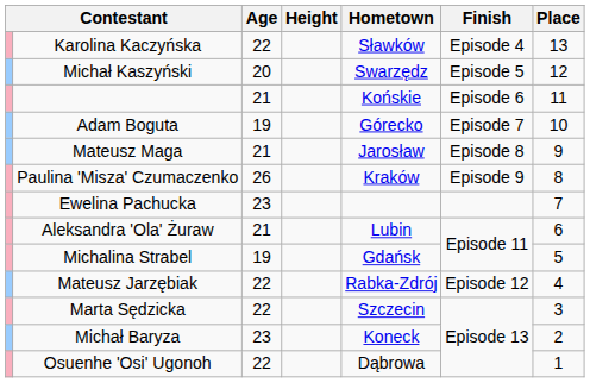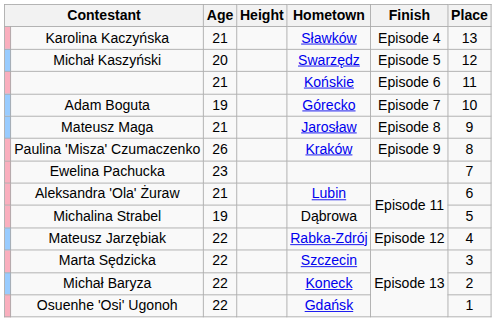 <table class="wikitable sortable" style="text-align:center;">
 <tr>
 <th colspan="2">Contestant</th>
 <th>Age</th>
 <th>Height</th>
 <th>Hometown</th>
 <th>Finish</th>
 <th>Place</th>
 </tr>
 <tr>
 <td style="background:#faafbe"></td>
 <td>Karolina Kaczyńska</td>
-<td>22</td>
+<td>21</td>
 <td></td>
 <td><a href='#'>Sławków</a></td>
 <td>Episode 4</td>
 <td>13</td>
 </tr>
 <tr>
 <td style="background:#9cf;"></td>
 <td>Michał Kaszyński</td>
 <td>20</td>
 <td></td>
 <td><a href='#'>Swarzędz</a></td>
 <td>Episode 5</td>
 <td>12</td>
 </tr>
 <tr>
 <td style="background:#faafbe"></td>
 <td></td>
 <td>21</td>
 <td></td>
 <td><a href='#'>Końskie</a></td>
 <td>Episode 6</td>
 <td>11</td>
 </tr>
 <tr>
 <td style="background:#9cf;"></td>
 <td>Adam Boguta</td>
 <td>19</td>
 <td></td>
 <td><a href='#'>Górecko</a></td>
 <td>Episode 7</td>
 <td>10</td>
 </tr>
 <tr>
 <td style="background:#9cf;"></td>
 <td>Mateusz Maga</td>
 <td>21</td>
 <td></td>
 <td><a href='#'>Jarosław</a></td>
 <td>Episode 8</td>
 <td>9</td>
 </tr>
 <tr>
 <td style="background:#faafbe"></td>
 <td>Paulina 'Misza' Czumaczenko</td>
 <td>26</td>
 <td></td>
 <td><a href='#'>Kraków</a></td>
 <td>Episode 9</td>
 <td>8</td>
 </tr>
 <tr>
 <td style="background:#faafbe"></td>
 <td>Ewelina Pachucka</td>
 <td>23</td>
 <td></td>
 <td></td>
 <td></td>
 <td>7</td>
 </tr>
 <tr>
 <td style="background:#faafbe"></td>
 <td>Aleksandra 'Ola' Żuraw</td>
 <td>21</td>
 <td></td>
 <td><a href='#'>Lubin</a></td>
 <td rowspan="2">Episode 11</td>
 <td>6</td>
 </tr>
 <tr>
 <td style="background:#faafbe"></td>
 <td>Michalina Strabel</td>
 <td>19</td>
 <td></td>
-<td><a href='#'>Gdańsk</a></td>
+<td>Dąbrowa</td>
 <td>5</td>
 </tr>
 <tr>
 <td style="background:#9cf;"></td>
 <td>Mateusz Jarzębiak</td>
 <td>22</td>
 <td></td>
 <td><a href='#'>Rabka-Zdrój</a></td>
 <td>Episode 12</td>
 <td>4</td>
 </tr>
 <tr>
 <td style="background:#faafbe"></td>
 <td>Marta Sędzicka</td>
 <td>22</td>
 <td></td>
 <td><a href='#'>Szczecin</a></td>
 <td rowspan="3">Episode 13</td>
 <td>3</td>
 </tr>
 <tr>
 <td style="background:#9cf;"></td>
 <td>Michał Baryza</td>
-<td>23</td>
+<td>22</td>
 <td></td>
 <td><a href='#'>Koneck</a></td>
 <td>2</td>
 </tr>
 <tr>
 <td style="background:#faafbe"></td>
 <td>Osuenhe 'Osi' Ugonoh</td>
 <td>22</td>
 <td></td>
-<td>Dąbrowa</td>
+<td><a href='#'>Gdańsk</a></td>
 <td>1</td>
 </tr>
 </table>
